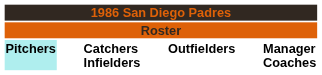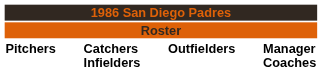 <table class="toccolours" style="font-size: 95%;">
 <tr>
 <th colspan="10" style="background-color: #312821; color: #de6108; text-align: center;">1986 San Diego Padres</th>
 </tr>
 <tr>
 <td colspan="10" style="background-color: #de6108; color: #312821; text-align: center;"><strong>Roster</strong></td>
 </tr>
 <tr>
-<td valign="top" style="background: paleturquoise;"><strong>Pitchers</strong><br>                 </td>
+<td valign="top"><strong>Pitchers</strong><br>                 </td>
 <td width="25px"></td>
 <td valign="top"><strong>Catchers</strong><br>    <strong>Infielders</strong>            </td>
 <td width="25px"></td>
 <td valign="top"><strong>Outfielders</strong><br>    </td>
 <td width="25px"></td>
 <td valign="top"><strong>Manager</strong><br> <strong>Coaches</strong>     </td>
 </tr>
 </table>
